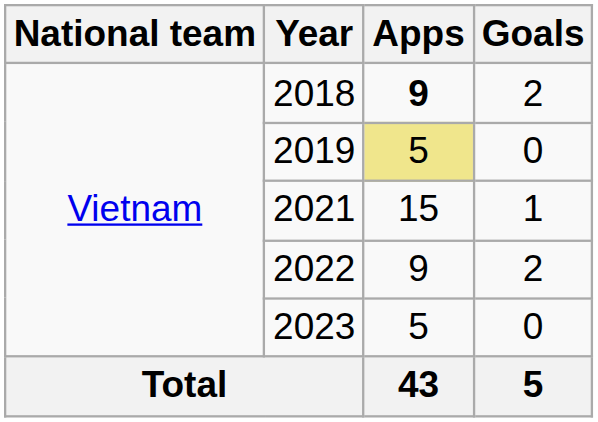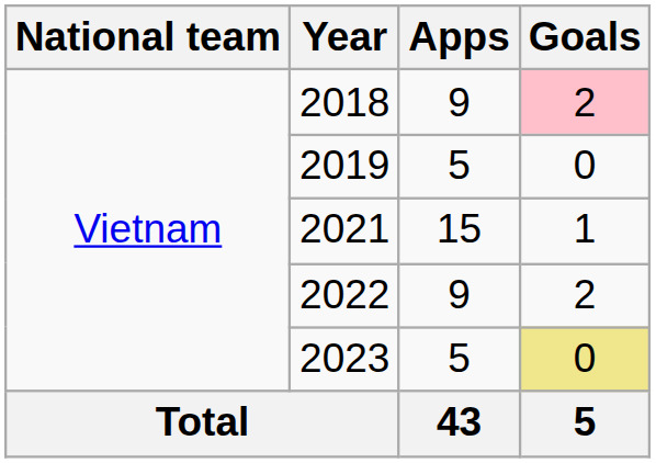 <table class="wikitable" style="text-align:center">
 <tr>
 <th>National team</th>
 <th>Year</th>
 <th>Apps</th>
 <th>Goals</th>
 </tr>
 <tr>
 <td rowspan=5><a href='#'>Vietnam</a></td>
 <td>2018</td>
-<td><strong>9</strong></td>
-<td>2</td>
+<td>9</td>
+<td style="background: pink;">2</td>
 </tr>
 <tr>
 <td>2019</td>
-<td style="background: khaki;">5</td>
+<td>5</td>
 <td>0</td>
 </tr>
 <tr>
 <td>2021</td>
 <td>15</td>
 <td>1</td>
 </tr>
 <tr>
 <td>2022</td>
 <td>9</td>
 <td>2</td>
 </tr>
 <tr>
 <td>2023</td>
 <td>5</td>
-<td>0</td>
+<td style="background: khaki;">0</td>
 </tr>
 <tr>
 <th colspan=2>Total</th>
 <th>43</th>
 <th>5</th>
 </tr>
 </table>
